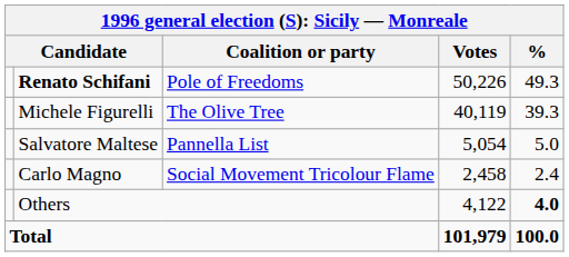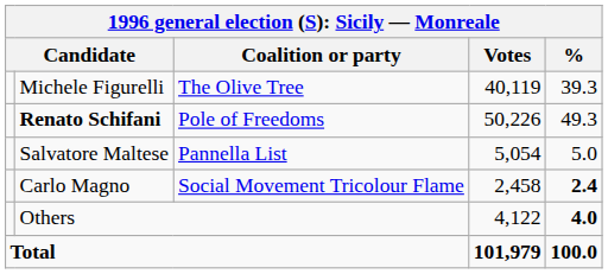 <table class=wikitable style=text-align:right>
 <tr>
 <th colspan=5><a href='#'>1996 general election</a> (<a href='#'>S</a>): <a href='#'>Sicily</a> — <a href='#'>Monreale</a></th>
 </tr>
 <tr>
 <th colspan=2>Candidate</th>
 <th>Coalition or party</th>
 <th>Votes</th>
 <th>%</th>
 </tr>
 <tr>
 <td></td>
+<td align=left>Michele Figurelli</td>
+<td align=left><a href='#'>The Olive Tree</a></td>
+<td>40,119</td>
+<td>39.3</td>
+</tr>
+<tr>
+<td></td>
 <td align=left><strong>Renato Schifani</strong></td>
 <td align=left><a href='#'>Pole of Freedoms</a></td>
 <td>50,226</td>
 <td>49.3</td>
-</tr>
-<tr>
-<td></td>
-<td align=left>Michele Figurelli</td>
-<td align=left><a href='#'>The Olive Tree</a></td>
-<td>40,119</td>
-<td>39.3</td>
 </tr>
 <tr>
 <td></td>
 <td align=left>Salvatore Maltese</td>
 <td align=left><a href='#'>Pannella List</a></td>
 <td>5,054</td>
 <td>5.0</td>
 </tr>
 <tr>
 <td></td>
 <td align=left>Carlo Magno</td>
 <td align=left><a href='#'>Social Movement Tricolour Flame</a></td>
 <td>2,458</td>
-<td>2.4</td>
+<td><strong>2.4</strong></td>
 </tr>
 <tr>
 <td></td>
 <td align=left colspan=2>Others</td>
 <td>4,122</td>
 <td><strong>4.0</strong></td>
 </tr>
 <tr>
 <td align=left colspan=3><strong>Total</strong></td>
 <td><strong>101,979</strong></td>
 <td><strong>100.0</strong></td>
 </tr>
 </table>
